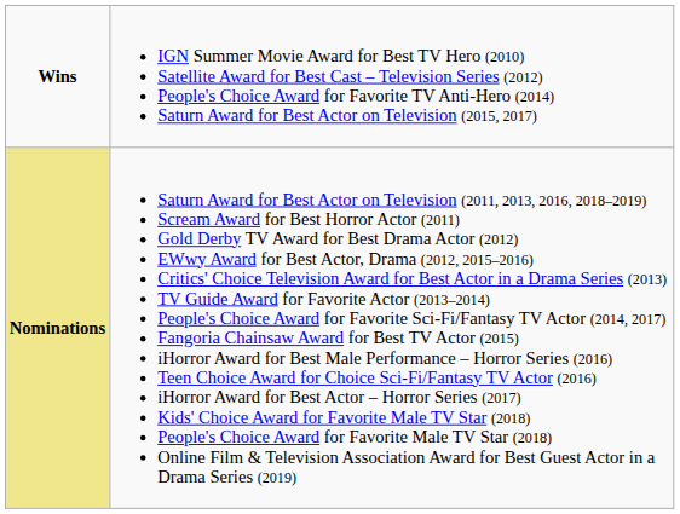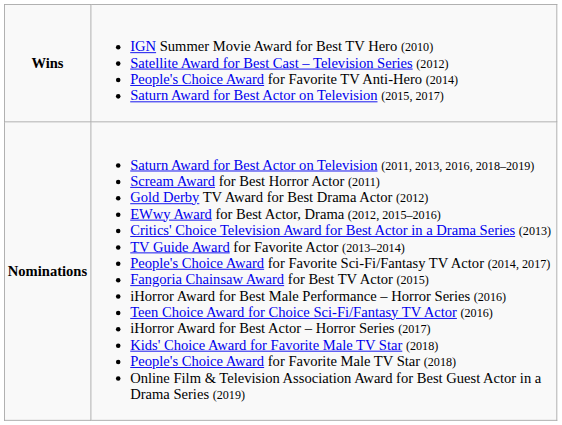 <table class="wikitable">
 <tr>
 <td align="center"><strong>Wins</strong></td>
 <td><br><ul><li><a href='#'>IGN</a> Summer Movie Award for Best TV Hero <small>(2010)</small></li><li><a href='#'>Satellite Award for Best Cast – Television Series</a> <small>(2012)</small></li><li><a href='#'>People's Choice Award</a> for Favorite TV Anti-Hero <small>(2014)</small></li><li><a href='#'>Saturn Award for Best Actor on Television</a> <small>(2015, 2017)</small></li></ul></td>
 </tr>
 <tr>
-<td align="center" style="background: khaki;"><strong>Nominations</strong></td>
+<td align="center"><strong>Nominations</strong></td>
 <td><br><ul><li><a href='#'>Saturn Award for Best Actor on Television</a> <small>(2011, 2013, 2016, 2018–2019)</small></li><li><a href='#'>Scream Award</a> for Best Horror Actor <small>(2011)</small></li><li><a href='#'>Gold Derby</a> TV Award for Best Drama Actor <small>(2012)</small></li><li><a href='#'>EWwy Award</a> for Best Actor, Drama <small>(2012, 2015–2016)</small></li><li><a href='#'>Critics' Choice Television Award for Best Actor in a Drama Series</a> <small>(2013)</small></li><li><a href='#'>TV Guide Award</a> for Favorite Actor <small>(2013–2014)</small></li><li><a href='#'>People's Choice Award</a> for Favorite Sci-Fi/Fantasy TV Actor <small>(2014, 2017)</small></li><li><a href='#'>Fangoria Chainsaw Award</a> for Best TV Actor <small>(2015)</small></li><li>iHorror Award for Best Male Performance – Horror Series <small>(2016)</small></li><li><a href='#'>Teen Choice Award for Choice Sci-Fi/Fantasy TV Actor</a> <small>(2016)</small></li><li>iHorror Award for Best Actor – Horror Series <small>(2017)</small></li><li><a href='#'>Kids' Choice Award for Favorite Male TV Star</a> <small>(2018)</small></li><li><a href='#'>People's Choice Award</a> for Favorite Male TV Star <small>(2018)</small></li><li>Online Film & Television Association Award for Best Guest Actor in a Drama Series <small>(2019)</small></li></ul></td>
 </tr>
 </table>
